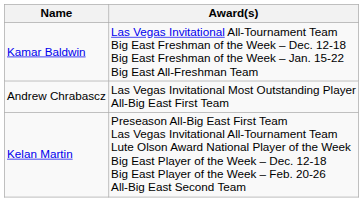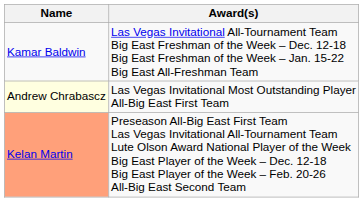 <table class="wikitable sortable" border="1">
 <tr>
 <th>Name</th>
 <th>Award(s)</th>
 </tr>
 <tr>
 <td><a href='#'>Kamar Baldwin</a></td>
 <td><a href='#'>Las Vegas Invitational</a> All-Tournament Team<br>Big East Freshman of the Week – Dec. 12-18<br>Big East Freshman of the Week – Jan. 15-22<br>Big East All-Freshman Team</td>
 </tr>
 <tr>
-<td>Andrew Chrabascz</td>
+<td style="background: lightyellow;">Andrew Chrabascz</td>
 <td>Las Vegas Invitational Most Outstanding Player<br>All-Big East First Team</td>
 </tr>
 <tr>
-<td><a href='#'>Kelan Martin</a></td>
+<td style="background: lightsalmon;"><a href='#'>Kelan Martin</a></td>
 <td>Preseason All-Big East First Team<br>Las Vegas Invitational All-Tournament Team<br>Lute Olson Award National Player of the Week<br>Big East Player of the Week – Dec. 12-18<br>Big East Player of the Week – Feb. 20-26<br>All-Big East Second Team</td>
 </tr>
 </table>
